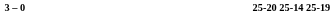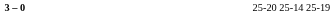 <table width=100% cellspacing=1>
 <tr>
 <th width=20%></th>
 <th width=12%></th>
 <th width=20%></th>
 <th width=33%></th>
 <td></td>
 </tr>
 <tr style=font-size:90%>
 <td align=right><strong></strong></td>
 <td align=center><strong>3 – 0</strong></td>
 <td></td>
-<td><strong>25-20 25-14 25-19</strong></td>
+<td>25-20 25-14 25-19</td>
 </tr>
 </table>
